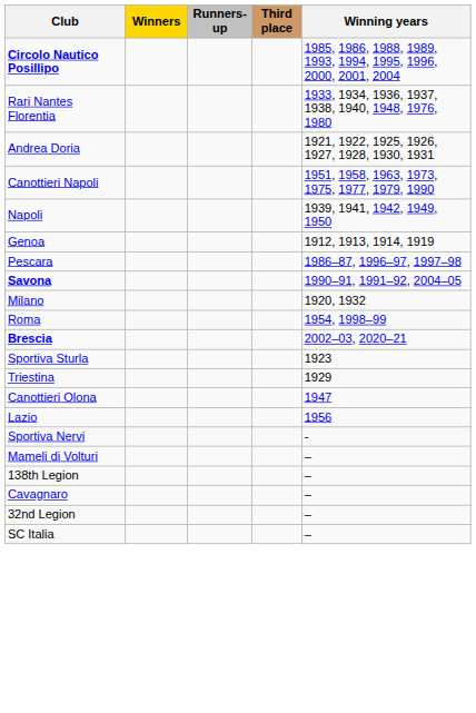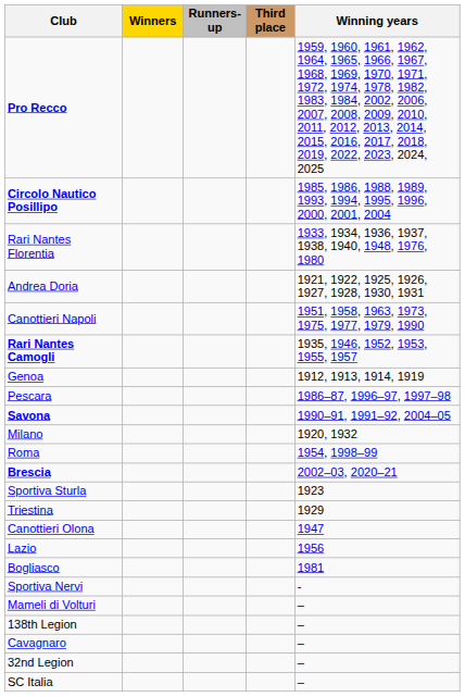 <table class="wikitable">
 <tr>
 <th width=250>Club</th>
 <th width=90; style="background:gold">Winners</th>
 <th width=85; style="background:silver">Runners-up</th>
 <th width=80; style="background:#cc9966">Third place</th>
 <th width=425>Winning years</th>
+</tr>
+<tr>
+<td> <strong><a href='#'>Pro Recco</a></strong></td>
+<td></td>
+<td></td>
+<td></td>
+<td><a href='#'>1959</a>, <a href='#'>1960</a>, <a href='#'>1961</a>, <a href='#'>1962</a>, <a href='#'>1964</a>, <a href='#'>1965</a>, <a href='#'>1966</a>, <a href='#'>1967</a>, <a href='#'>1968</a>, <a href='#'>1969</a>, <a href='#'>1970</a>, <a href='#'>1971</a>, <a href='#'>1972</a>, <a href='#'>1974</a>, <a href='#'>1978</a>, <a href='#'>1982</a>, <a href='#'>1983</a>, <a href='#'>1984</a>, <a href='#'>2002</a>, <a href='#'>2006</a>, <a href='#'>2007</a>, <a href='#'>2008</a>, <a href='#'>2009</a>, <a href='#'>2010</a>, <a href='#'>2011</a>, <a href='#'>2012</a>, <a href='#'>2013</a>, <a href='#'>2014</a>, <a href='#'>2015</a>, <a href='#'>2016</a>, <a href='#'>2017</a>, <a href='#'>2018</a>, <a href='#'>2019</a>, <a href='#'>2022</a>, <a href='#'>2023</a>, 2024, 2025</td>
 </tr>
 <tr>
 <td> <strong><a href='#'>Circolo Nautico Posillipo</a></strong></td>
 <td></td>
 <td></td>
 <td></td>
 <td><a href='#'>1985</a>, <a href='#'>1986</a>, <a href='#'>1988</a>, <a href='#'>1989</a>, <a href='#'>1993</a>, <a href='#'>1994</a>, <a href='#'>1995</a>, <a href='#'>1996</a>, <a href='#'>2000</a>, <a href='#'>2001</a>, <a href='#'>2004</a></td>
 </tr>
 <tr>
 <td> <a href='#'>Rari Nantes Florentia</a></td>
 <td></td>
 <td></td>
 <td></td>
 <td><a href='#'>1933</a>, 1934, 1936, 1937, 1938, 1940, <a href='#'>1948</a>, <a href='#'>1976</a>, <a href='#'>1980</a></td>
 </tr>
 <tr>
 <td> <a href='#'>Andrea Doria</a></td>
 <td></td>
 <td></td>
 <td></td>
 <td>1921, 1922, 1925, 1926, 1927, 1928, 1930, 1931</td>
 </tr>
 <tr>
 <td><a href='#'>Canottieri Napoli</a></td>
 <td></td>
 <td></td>
 <td></td>
 <td><a href='#'>1951</a>, <a href='#'>1958</a>, <a href='#'>1963</a>, <a href='#'>1973</a>, <a href='#'>1975</a>, <a href='#'>1977</a>, <a href='#'>1979</a>, <a href='#'>1990</a></td>
 </tr>
 <tr>
-<td><a href='#'>Napoli</a></td>
+<td> <strong><a href='#'>Rari Nantes Camogli</a></strong></td>
 <td></td>
 <td></td>
 <td></td>
-<td>1939, 1941, <a href='#'>1942</a>, <a href='#'>1949</a>, <a href='#'>1950</a></td>
+<td>1935, <a href='#'>1946</a>, <a href='#'>1952</a>, <a href='#'>1953</a>, <a href='#'>1955</a>, <a href='#'>1957</a></td>
 </tr>
 <tr>
 <td>  <a href='#'>Genoa</a></td>
 <td></td>
 <td></td>
 <td></td>
 <td>1912, 1913, 1914, 1919</td>
 </tr>
 <tr>
 <td><a href='#'>Pescara</a></td>
 <td></td>
 <td></td>
 <td></td>
 <td><a href='#'>1986–87</a>, <a href='#'>1996–97</a>, <a href='#'>1997–98</a></td>
 </tr>
 <tr>
 <td><strong><a href='#'>Savona</a></strong></td>
 <td></td>
 <td></td>
 <td></td>
 <td><a href='#'>1990–91</a>, <a href='#'>1991–92</a>, <a href='#'>2004–05</a></td>
 </tr>
 <tr>
 <td><a href='#'>Milano</a></td>
 <td></td>
 <td></td>
 <td></td>
 <td>1920, 1932</td>
 </tr>
 <tr>
 <td><a href='#'>Roma</a></td>
 <td></td>
 <td></td>
 <td></td>
 <td><a href='#'>1954</a>, <a href='#'>1998–99</a></td>
 </tr>
 <tr>
 <td> <strong><a href='#'>Brescia</a></strong></td>
 <td></td>
 <td></td>
 <td></td>
 <td><a href='#'>2002–03</a>, <a href='#'>2020–21</a></td>
 </tr>
 <tr>
 <td> <a href='#'>Sportiva Sturla</a></td>
 <td></td>
 <td></td>
 <td></td>
 <td>1923</td>
 </tr>
 <tr>
 <td><a href='#'>Triestina</a></td>
 <td></td>
 <td></td>
 <td></td>
 <td>1929</td>
 </tr>
 <tr>
 <td><a href='#'>Canottieri Olona</a></td>
 <td></td>
 <td></td>
 <td></td>
 <td><a href='#'>1947</a></td>
 </tr>
 <tr>
 <td><a href='#'>Lazio</a></td>
 <td></td>
 <td></td>
 <td></td>
 <td><a href='#'>1956</a></td>
 </tr>
 <tr>
+<td><a href='#'>Bogliasco</a></td>
+<td></td>
+<td></td>
+<td></td>
+<td><a href='#'>1981</a></td>
+</tr>
+<tr>
 <td> <a href='#'>Sportiva Nervi</a></td>
 <td></td>
 <td></td>
 <td></td>
 <td>-</td>
 </tr>
 <tr>
 <td><a href='#'>Mameli di Volturi</a></td>
 <td></td>
 <td></td>
 <td></td>
 <td>–</td>
 </tr>
 <tr>
 <td>138th Legion</td>
 <td></td>
 <td></td>
 <td></td>
 <td>–</td>
 </tr>
 <tr>
 <td><a href='#'>Cavagnaro</a></td>
 <td></td>
 <td></td>
 <td></td>
 <td>–</td>
 </tr>
 <tr>
 <td>32nd Legion</td>
 <td></td>
 <td></td>
 <td></td>
 <td>–</td>
 </tr>
 <tr>
 <td>SC Italia</td>
 <td></td>
 <td></td>
 <td></td>
 <td>–</td>
 </tr>
 </table>
